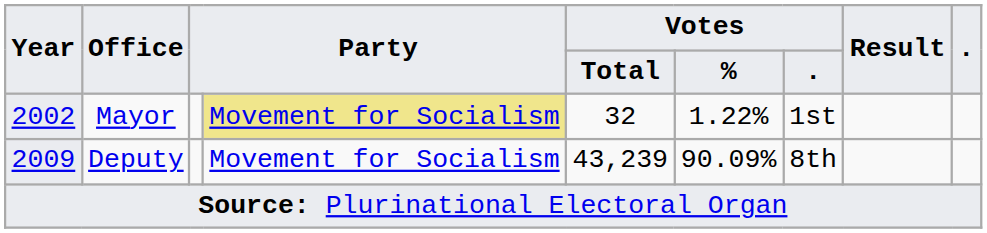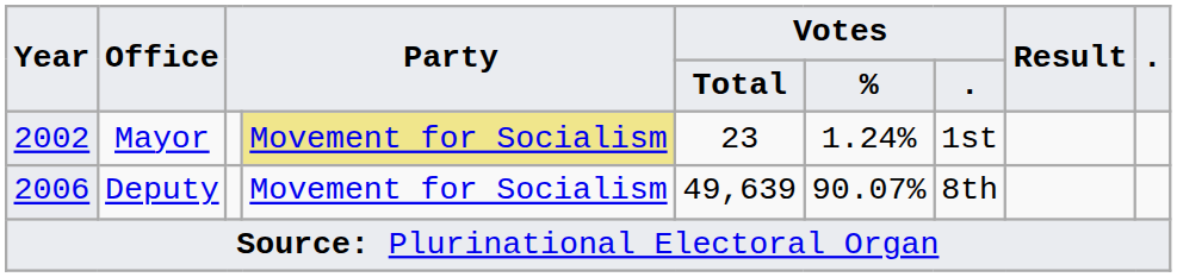 <table class="wikitable" style="font-size:90%; text-align:center;">
 <tr>
 <th style="background-color:#EAECF0;" rowspan=2>Year</th>
 <th style="background-color:#EAECF0;" rowspan=2>Office</th>
 <th style="background-color:#EAECF0;" colspan=2 rowspan=2>Party</th>
 <th style="background-color:#EAECF0;" colspan=3>Votes</th>
 <th style="background-color:#EAECF0;" rowspan=2>Result</th>
 <th style="background-color:#EAECF0;" rowspan=2>.</th>
 </tr>
 <tr>
 <th style="background-color:#EAECF0;">Total</th>
 <th style="background-color:#EAECF0;">%</th>
 <th style="background-color:#EAECF0;">.</th>
 </tr>
 <tr>
 <td style="background-color:#EAECF0;"><a href='#'>2002</a></td>
 <td><a href='#'>Mayor</a></td>
 <td style="background-color:"></td>
 <td style="background: khaki;"><a href='#'>Movement for Socialism</a></td>
-<td>32</td>
-<td>1.22%</td>
+<td>23</td>
+<td>1.24%</td>
 <td>1st</td>
 <td></td>
 <td></td>
 </tr>
 <tr>
-<td style="background-color:#EAECF0;"><a href='#'>2009</a></td>
+<td style="background-color:#EAECF0;"><a href='#'>2006</a></td>
 <td><a href='#'>Deputy</a></td>
 <td style="background-color:"></td>
 <td><a href='#'>Movement for Socialism</a></td>
-<td>43,239</td>
-<td>90.09%</td>
+<td>49,639</td>
+<td>90.07%</td>
 <td>8th</td>
 <td></td>
 <td></td>
 </tr>
 <tr>
 <td style="background-color:#EAECF0;" colspan=9><strong>Source:</strong> <a href='#'>Plurinational Electoral Organ</a>  </td>
 </tr>
 </table>
